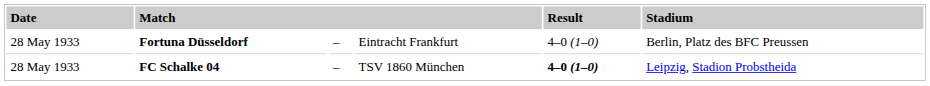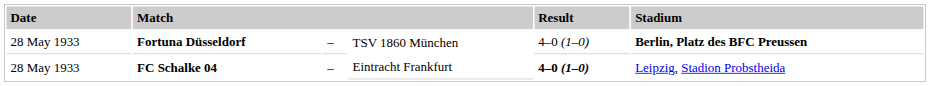 <table style="border:1px solid #bbb;background:#fff;" cellpadding="5" cellspacing="2" width="90%">
 <tr style="background:#ccc;font-weight:bold">
 <td>Date</td>
 <td colspan="3">Match</td>
 <td>Result</td>
 <td>Stadium</td>
 </tr>
 <tr>
 <td style="border-bottom:1px solid #ccc">28 May 1933</td>
 <td style="border-bottom:1px solid #ccc"><strong>Fortuna Düsseldorf</strong></td>
 <td style="border-bottom:1px solid #ccc">–</td>
-<td style="border-bottom:1px solid #ccc">Eintracht Frankfurt</td>
+<td>TSV 1860 München</td>
 <td style="border-bottom:1px solid #ccc">4–0 <em>(1–0)</em></td>
-<td style="border-bottom:1px solid #ccc">Berlin, Platz des BFC Preussen</td>
+<td style="border-bottom:1px solid #ccc"><strong>Berlin, Platz des BFC Preussen</strong></td>
 </tr>
 <tr>
 <td>28 May 1933</td>
 <td><strong>FC Schalke 04</strong></td>
 <td>–</td>
-<td>TSV 1860 München</td>
+<td style="border-bottom:1px solid #ccc">Eintracht Frankfurt</td>
 <td><strong>4–0 <em>(1–0)</em></strong></td>
 <td><a href='#'>Leipzig</a>, <a href='#'>Stadion Probstheida</a></td>
 </tr>
 </table>
